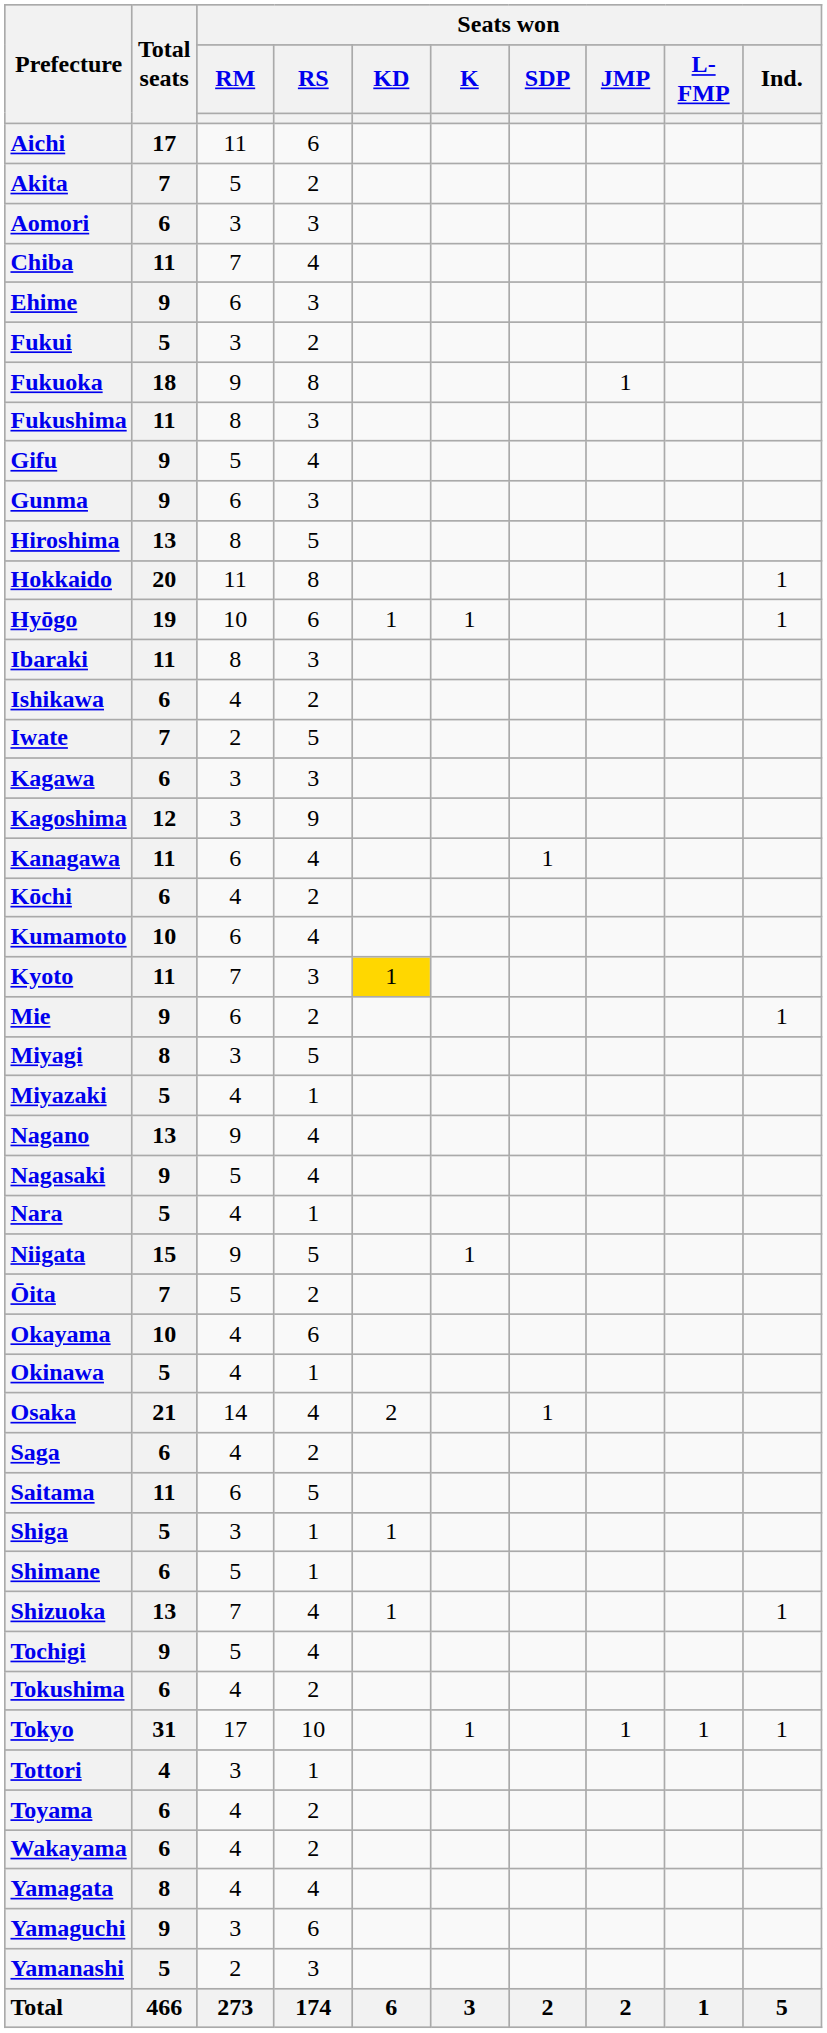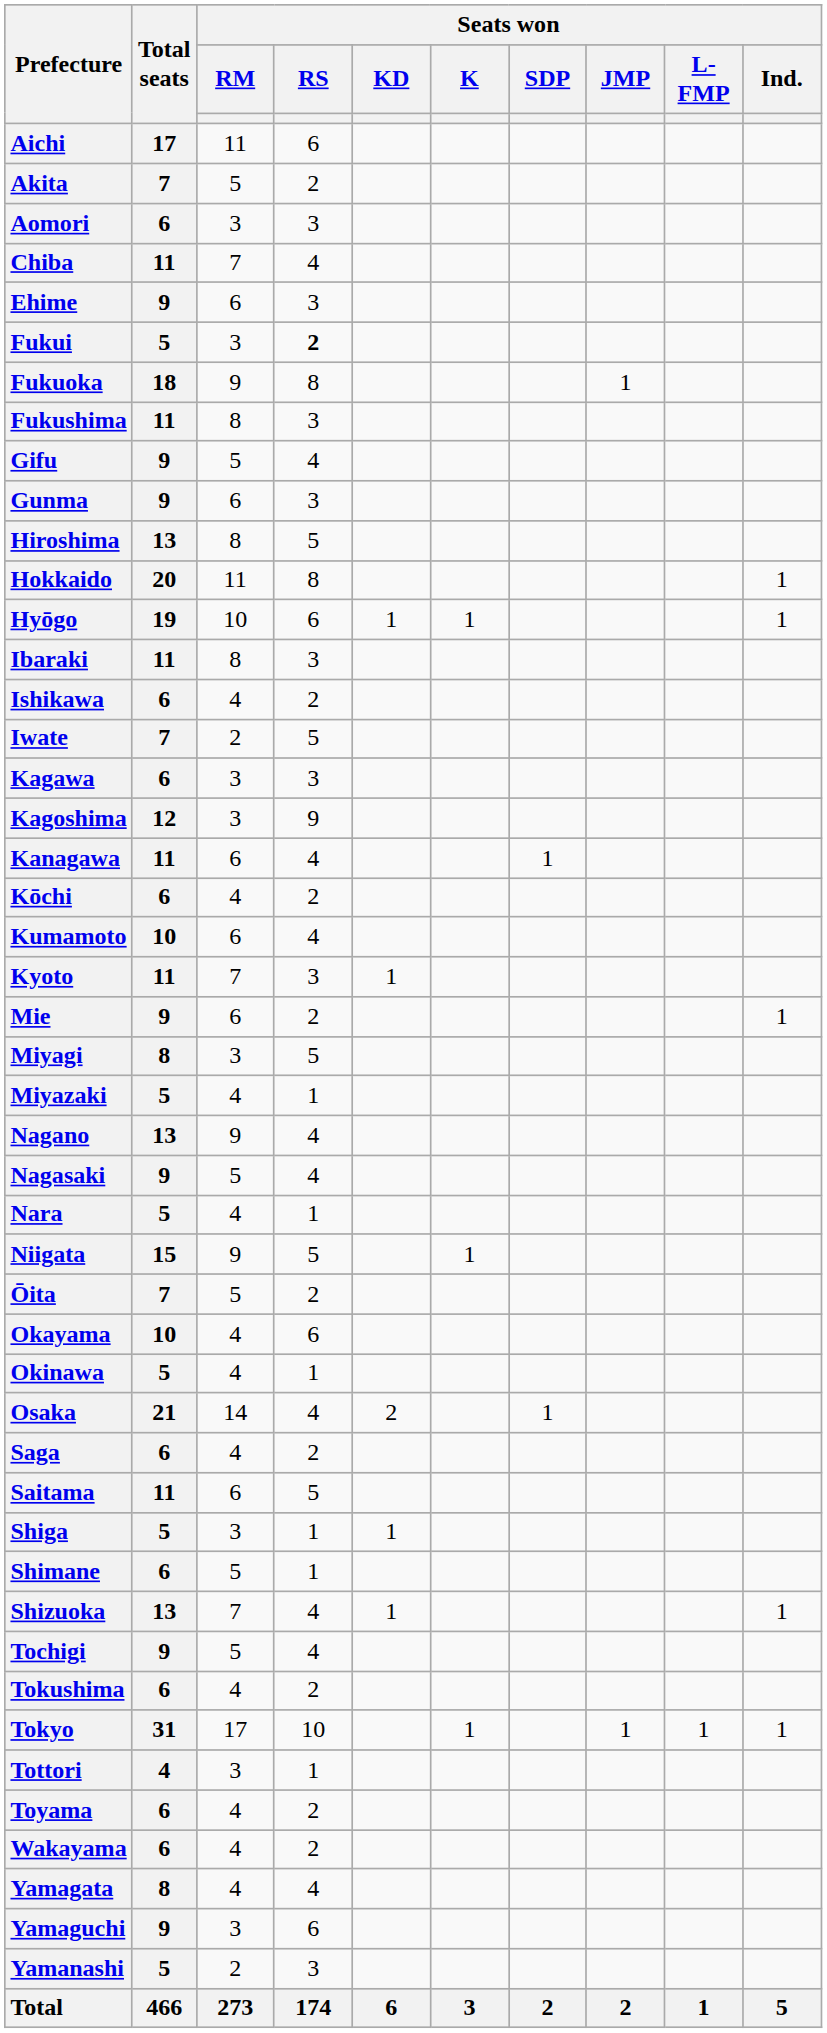 <table class="wikitable" style="text-align:center; font-size: 0.9em;">
 <tr>
 <th rowspan="3">Prefecture</th>
 <th rowspan="3">Total<br>seats</th>
 <th colspan="8">Seats won</th>
 </tr>
 <tr>
 <th class="unsortable" style="width:40px;"><a href='#'>RM</a></th>
 <th class="unsortable" style="width:40px;"><a href='#'>RS</a></th>
 <th class="unsortable" style="width:40px;"><a href='#'>KD</a></th>
 <th class="unsortable" style="width:40px;"><a href='#'>K</a></th>
 <th class="unsortable" style="width:40px;"><a href='#'>SDP</a></th>
 <th class="unsortable" style="width:40px;"><a href='#'>JMP</a></th>
 <th class="unsortable" style="width:40px;"><a href='#'>L-FMP</a></th>
 <th class="unsortable" style="width:40px;">Ind.</th>
 </tr>
 <tr>
 <th style="background:"></th>
 <th style="background:"></th>
 <th style="background:"></th>
 <th style="background:"></th>
 <th style="background:"></th>
 <th style="background:"></th>
 <th style="background:"></th>
 <th style="background:"></th>
 </tr>
 <tr>
 <th style="text-align: left;"><a href='#'>Aichi</a></th>
 <th>17</th>
 <td>11</td>
 <td>6</td>
 <td></td>
 <td></td>
 <td></td>
 <td></td>
 <td></td>
 <td></td>
 </tr>
 <tr>
 <th style="text-align: left;"><a href='#'>Akita</a></th>
 <th>7</th>
 <td>5</td>
 <td>2</td>
 <td></td>
 <td></td>
 <td></td>
 <td></td>
 <td></td>
 <td></td>
 </tr>
 <tr>
 <th style="text-align: left;"><a href='#'>Aomori</a></th>
 <th>6</th>
 <td>3</td>
 <td>3</td>
 <td></td>
 <td></td>
 <td></td>
 <td></td>
 <td></td>
 <td></td>
 </tr>
 <tr>
 <th style="text-align: left;"><a href='#'>Chiba</a></th>
 <th>11</th>
 <td>7</td>
 <td>4</td>
 <td></td>
 <td></td>
 <td></td>
 <td></td>
 <td></td>
 <td></td>
 </tr>
 <tr>
 <th style="text-align: left;"><a href='#'>Ehime</a></th>
 <th>9</th>
 <td>6</td>
 <td>3</td>
 <td></td>
 <td></td>
 <td></td>
 <td></td>
 <td></td>
 <td></td>
 </tr>
 <tr>
 <th style="text-align: left;"><a href='#'>Fukui</a></th>
 <th>5</th>
 <td>3</td>
-<td>2</td>
+<td><strong>2</strong></td>
 <td></td>
 <td></td>
 <td></td>
 <td></td>
 <td></td>
 <td></td>
 </tr>
 <tr>
 <th style="text-align: left;"><a href='#'>Fukuoka</a></th>
 <th>18</th>
 <td>9</td>
 <td>8</td>
 <td></td>
 <td></td>
 <td></td>
 <td>1</td>
 <td></td>
 <td></td>
 </tr>
 <tr>
 <th style="text-align: left;"><a href='#'>Fukushima</a></th>
 <th>11</th>
 <td>8</td>
 <td>3</td>
 <td></td>
 <td></td>
 <td></td>
 <td></td>
 <td></td>
 <td></td>
 </tr>
 <tr>
 <th style="text-align: left;"><a href='#'>Gifu</a></th>
 <th>9</th>
 <td>5</td>
 <td>4</td>
 <td></td>
 <td></td>
 <td></td>
 <td></td>
 <td></td>
 <td></td>
 </tr>
 <tr>
 <th style="text-align: left;"><a href='#'>Gunma</a></th>
 <th>9</th>
 <td>6</td>
 <td>3</td>
 <td></td>
 <td></td>
 <td></td>
 <td></td>
 <td></td>
 <td></td>
 </tr>
 <tr>
 <th style="text-align: left;"><a href='#'>Hiroshima</a></th>
 <th>13</th>
 <td>8</td>
 <td>5</td>
 <td></td>
 <td></td>
 <td></td>
 <td></td>
 <td></td>
 <td></td>
 </tr>
 <tr>
 <th style="text-align: left;"><a href='#'>Hokkaido</a></th>
 <th>20</th>
 <td>11</td>
 <td>8</td>
 <td></td>
 <td></td>
 <td></td>
 <td></td>
 <td></td>
 <td>1</td>
 </tr>
 <tr>
 <th style="text-align: left;"><a href='#'>Hyōgo</a></th>
 <th>19</th>
 <td>10</td>
 <td>6</td>
 <td>1</td>
 <td>1</td>
 <td></td>
 <td></td>
 <td></td>
 <td>1</td>
 </tr>
 <tr>
 <th style="text-align: left;"><a href='#'>Ibaraki</a></th>
 <th>11</th>
 <td>8</td>
 <td>3</td>
 <td></td>
 <td></td>
 <td></td>
 <td></td>
 <td></td>
 <td></td>
 </tr>
 <tr>
 <th style="text-align: left;"><a href='#'>Ishikawa</a></th>
 <th>6</th>
 <td>4</td>
 <td>2</td>
 <td></td>
 <td></td>
 <td></td>
 <td></td>
 <td></td>
 <td></td>
 </tr>
 <tr>
 <th style="text-align: left;"><a href='#'>Iwate</a></th>
 <th>7</th>
 <td>2</td>
 <td>5</td>
 <td></td>
 <td></td>
 <td></td>
 <td></td>
 <td></td>
 <td></td>
 </tr>
 <tr>
 <th style="text-align: left;"><a href='#'>Kagawa</a></th>
 <th>6</th>
 <td>3</td>
 <td>3</td>
 <td></td>
 <td></td>
 <td></td>
 <td></td>
 <td></td>
 <td></td>
 </tr>
 <tr>
 <th style="text-align: left;"><a href='#'>Kagoshima</a></th>
 <th>12</th>
 <td>3</td>
 <td>9</td>
 <td></td>
 <td></td>
 <td></td>
 <td></td>
 <td></td>
 <td></td>
 </tr>
 <tr>
 <th style="text-align: left;"><a href='#'>Kanagawa</a></th>
 <th>11</th>
 <td>6</td>
 <td>4</td>
 <td></td>
 <td></td>
 <td>1</td>
 <td></td>
 <td></td>
 <td></td>
 </tr>
 <tr>
 <th style="text-align: left;"><a href='#'>Kōchi</a></th>
 <th>6</th>
 <td>4</td>
 <td>2</td>
 <td></td>
 <td></td>
 <td></td>
 <td></td>
 <td></td>
 <td></td>
 </tr>
 <tr>
 <th style="text-align: left;"><a href='#'>Kumamoto</a></th>
 <th>10</th>
 <td>6</td>
 <td>4</td>
 <td></td>
 <td></td>
 <td></td>
 <td></td>
 <td></td>
 <td></td>
 </tr>
 <tr>
 <th style="text-align: left;"><a href='#'>Kyoto</a></th>
 <th>11</th>
 <td>7</td>
 <td>3</td>
-<td style="background: gold;">1</td>
+<td>1</td>
 <td></td>
 <td></td>
 <td></td>
 <td></td>
 <td></td>
 </tr>
 <tr>
 <th style="text-align: left;"><a href='#'>Mie</a></th>
 <th>9</th>
 <td>6</td>
 <td>2</td>
 <td></td>
 <td></td>
 <td></td>
 <td></td>
 <td></td>
 <td>1</td>
 </tr>
 <tr>
 <th style="text-align: left;"><a href='#'>Miyagi</a></th>
 <th>8</th>
 <td>3</td>
 <td>5</td>
 <td></td>
 <td></td>
 <td></td>
 <td></td>
 <td></td>
 <td></td>
 </tr>
 <tr>
 <th style="text-align: left;"><a href='#'>Miyazaki</a></th>
 <th>5</th>
 <td>4</td>
 <td>1</td>
 <td></td>
 <td></td>
 <td></td>
 <td></td>
 <td></td>
 <td></td>
 </tr>
 <tr>
 <th style="text-align: left;"><a href='#'>Nagano</a></th>
 <th>13</th>
 <td>9</td>
 <td>4</td>
 <td></td>
 <td></td>
 <td></td>
 <td></td>
 <td></td>
 <td></td>
 </tr>
 <tr>
 <th style="text-align: left;"><a href='#'>Nagasaki</a></th>
 <th>9</th>
 <td>5</td>
 <td>4</td>
 <td></td>
 <td></td>
 <td></td>
 <td></td>
 <td></td>
 <td></td>
 </tr>
 <tr>
 <th style="text-align: left;"><a href='#'>Nara</a></th>
 <th>5</th>
 <td>4</td>
 <td>1</td>
 <td></td>
 <td></td>
 <td></td>
 <td></td>
 <td></td>
 <td></td>
 </tr>
 <tr>
 <th style="text-align: left;"><a href='#'>Niigata</a></th>
 <th>15</th>
 <td>9</td>
 <td>5</td>
 <td></td>
 <td>1</td>
 <td></td>
 <td></td>
 <td></td>
 <td></td>
 </tr>
 <tr>
 <th style="text-align: left;"><a href='#'>Ōita</a></th>
 <th>7</th>
 <td>5</td>
 <td>2</td>
 <td></td>
 <td></td>
 <td></td>
 <td></td>
 <td></td>
 <td></td>
 </tr>
 <tr>
 <th style="text-align: left;"><a href='#'>Okayama</a></th>
 <th>10</th>
 <td>4</td>
 <td>6</td>
 <td></td>
 <td></td>
 <td></td>
 <td></td>
 <td></td>
 <td></td>
 </tr>
 <tr>
 <th style="text-align: left;"><a href='#'>Okinawa</a></th>
 <th>5</th>
 <td>4</td>
 <td>1</td>
 <td></td>
 <td></td>
 <td></td>
 <td></td>
 <td></td>
 <td></td>
 </tr>
 <tr>
 <th style="text-align: left;"><a href='#'>Osaka</a></th>
 <th>21</th>
 <td>14</td>
 <td>4</td>
 <td>2</td>
 <td></td>
 <td>1</td>
 <td></td>
 <td></td>
 <td></td>
 </tr>
 <tr>
 <th style="text-align: left;"><a href='#'>Saga</a></th>
 <th>6</th>
 <td>4</td>
 <td>2</td>
 <td></td>
 <td></td>
 <td></td>
 <td></td>
 <td></td>
 <td></td>
 </tr>
 <tr>
 <th style="text-align: left;"><a href='#'>Saitama</a></th>
 <th>11</th>
 <td>6</td>
 <td>5</td>
 <td></td>
 <td></td>
 <td></td>
 <td></td>
 <td></td>
 <td></td>
 </tr>
 <tr>
 <th style="text-align: left;"><a href='#'>Shiga</a></th>
 <th>5</th>
 <td>3</td>
 <td>1</td>
 <td>1</td>
 <td></td>
 <td></td>
 <td></td>
 <td></td>
 <td></td>
 </tr>
 <tr>
 <th style="text-align: left;"><a href='#'>Shimane</a></th>
 <th>6</th>
 <td>5</td>
 <td>1</td>
 <td></td>
 <td></td>
 <td></td>
 <td></td>
 <td></td>
 <td></td>
 </tr>
 <tr>
 <th style="text-align: left;"><a href='#'>Shizuoka</a></th>
 <th>13</th>
 <td>7</td>
 <td>4</td>
 <td>1</td>
 <td></td>
 <td></td>
 <td></td>
 <td></td>
 <td>1</td>
 </tr>
 <tr>
 <th style="text-align: left;"><a href='#'>Tochigi</a></th>
 <th>9</th>
 <td>5</td>
 <td>4</td>
 <td></td>
 <td></td>
 <td></td>
 <td></td>
 <td></td>
 <td></td>
 </tr>
 <tr>
 <th style="text-align: left;"><a href='#'>Tokushima</a></th>
 <th>6</th>
 <td>4</td>
 <td>2</td>
 <td></td>
 <td></td>
 <td></td>
 <td></td>
 <td></td>
 <td></td>
 </tr>
 <tr>
 <th style="text-align: left;"><a href='#'>Tokyo</a></th>
 <th>31</th>
 <td>17</td>
 <td>10</td>
 <td></td>
 <td>1</td>
 <td></td>
 <td>1</td>
 <td>1</td>
 <td>1</td>
 </tr>
 <tr>
 <th style="text-align: left;"><a href='#'>Tottori</a></th>
 <th>4</th>
 <td>3</td>
 <td>1</td>
 <td></td>
 <td></td>
 <td></td>
 <td></td>
 <td></td>
 <td></td>
 </tr>
 <tr>
 <th style="text-align: left;"><a href='#'>Toyama</a></th>
 <th>6</th>
 <td>4</td>
 <td>2</td>
 <td></td>
 <td></td>
 <td></td>
 <td></td>
 <td></td>
 <td></td>
 </tr>
 <tr>
 <th style="text-align: left;"><a href='#'>Wakayama</a></th>
 <th>6</th>
 <td>4</td>
 <td>2</td>
 <td></td>
 <td></td>
 <td></td>
 <td></td>
 <td></td>
 <td></td>
 </tr>
 <tr>
 <th style="text-align: left;"><a href='#'>Yamagata</a></th>
 <th>8</th>
 <td>4</td>
 <td>4</td>
 <td></td>
 <td></td>
 <td></td>
 <td></td>
 <td></td>
 <td></td>
 </tr>
 <tr>
 <th style="text-align: left;"><a href='#'>Yamaguchi</a></th>
 <th>9</th>
 <td>3</td>
 <td>6</td>
 <td></td>
 <td></td>
 <td></td>
 <td></td>
 <td></td>
 <td></td>
 </tr>
 <tr>
 <th style="text-align: left;"><a href='#'>Yamanashi</a></th>
 <th>5</th>
 <td>2</td>
 <td>3</td>
 <td></td>
 <td></td>
 <td></td>
 <td></td>
 <td></td>
 <td></td>
 </tr>
 <tr class="sortbottom">
 <th style="text-align: left;">Total</th>
 <th>466</th>
 <th>273</th>
 <th>174</th>
 <th>6</th>
 <th>3</th>
 <th>2</th>
 <th>2</th>
 <th>1</th>
 <th>5</th>
 </tr>
 </table>
